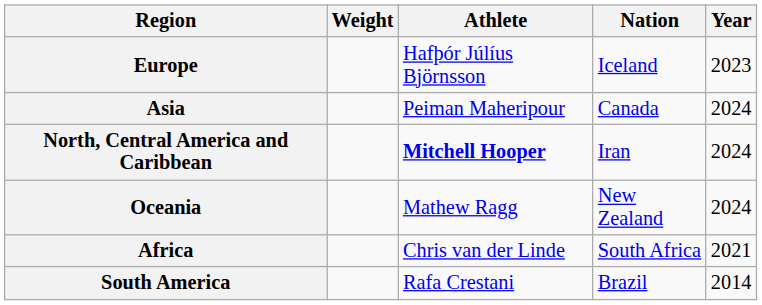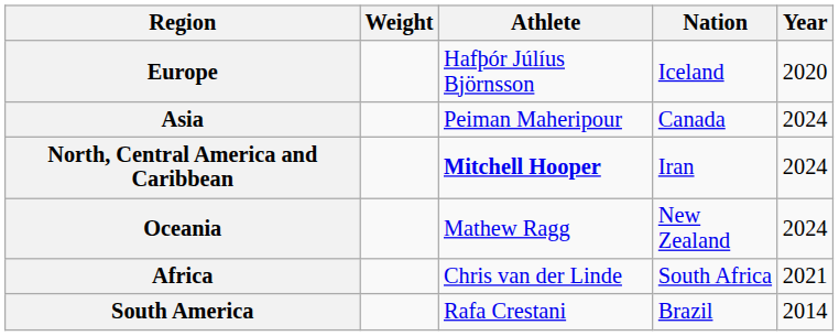 <table class="wikitable sortable" style="display: inline-table;width: 95%;">
 <tr>
 <th>Region</th>
 <th>Weight</th>
 <th>Athlete</th>
 <th>Nation</th>
 <th>Year</th>
 </tr>
 <tr>
 <th>Europe</th>
 <td></td>
 <td><a href='#'>Hafþór Júlíus Björnsson</a></td>
 <td> <a href='#'>Iceland</a></td>
-<td>2023</td>
+<td>2020</td>
 </tr>
 <tr>
 <th>Asia</th>
 <td></td>
 <td><a href='#'>Peiman Maheripour</a></td>
 <td> <a href='#'>Canada</a></td>
 <td>2024</td>
 </tr>
 <tr>
 <th>North, Central America and Caribbean</th>
 <td></td>
 <td><strong><a href='#'>Mitchell Hooper</a></strong></td>
 <td> <a href='#'>Iran</a></td>
 <td>2024</td>
 </tr>
 <tr>
 <th>Oceania</th>
 <td></td>
 <td><a href='#'>Mathew Ragg</a></td>
 <td> <a href='#'>New Zealand</a></td>
 <td>2024</td>
 </tr>
 <tr>
 <th>Africa</th>
 <td></td>
 <td><a href='#'>Chris van der Linde</a></td>
 <td> <a href='#'>South Africa</a></td>
 <td>2021</td>
 </tr>
 <tr>
 <th>South America</th>
 <td></td>
 <td><a href='#'>Rafa Crestani</a></td>
 <td> <a href='#'>Brazil</a></td>
 <td>2014</td>
 </tr>
 </table>
